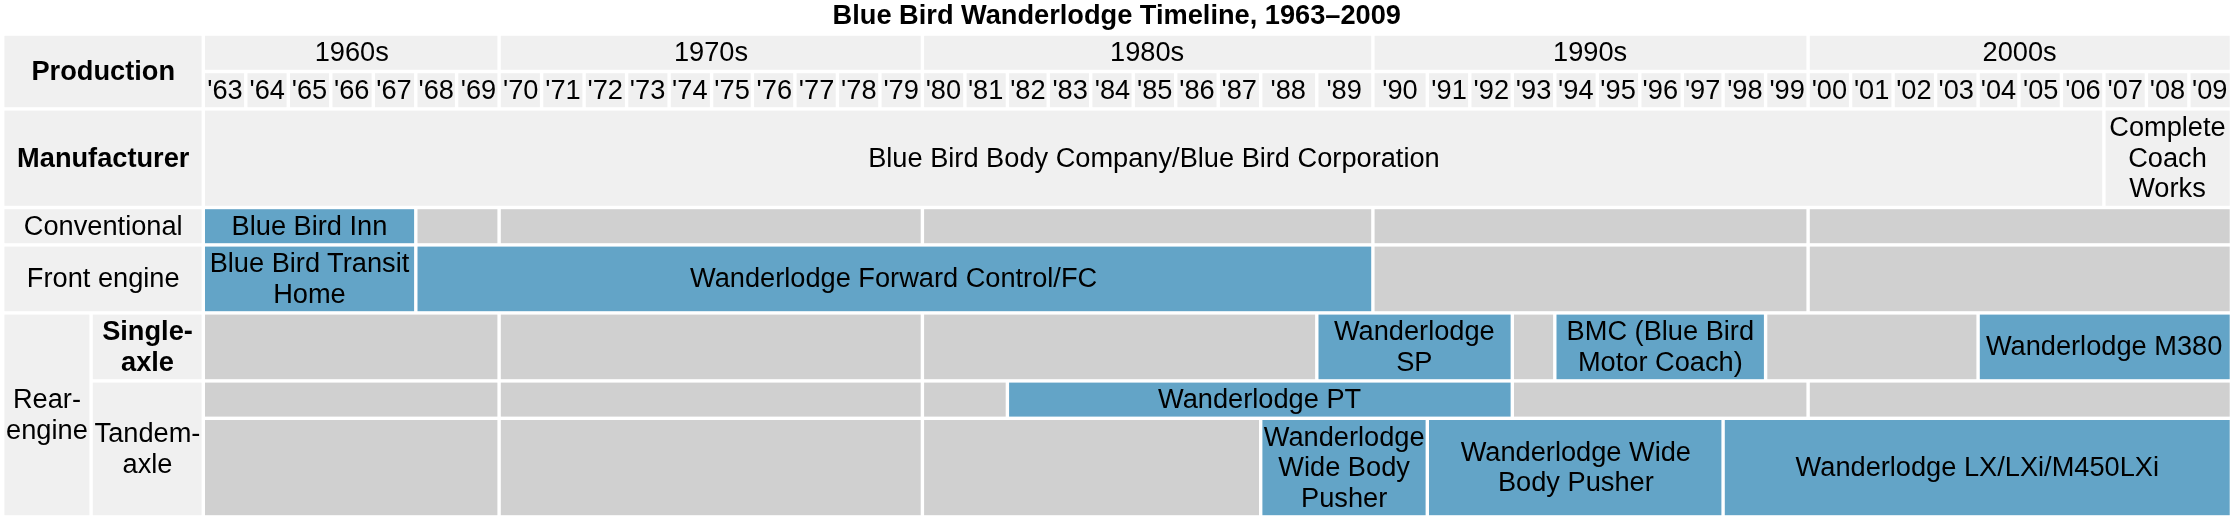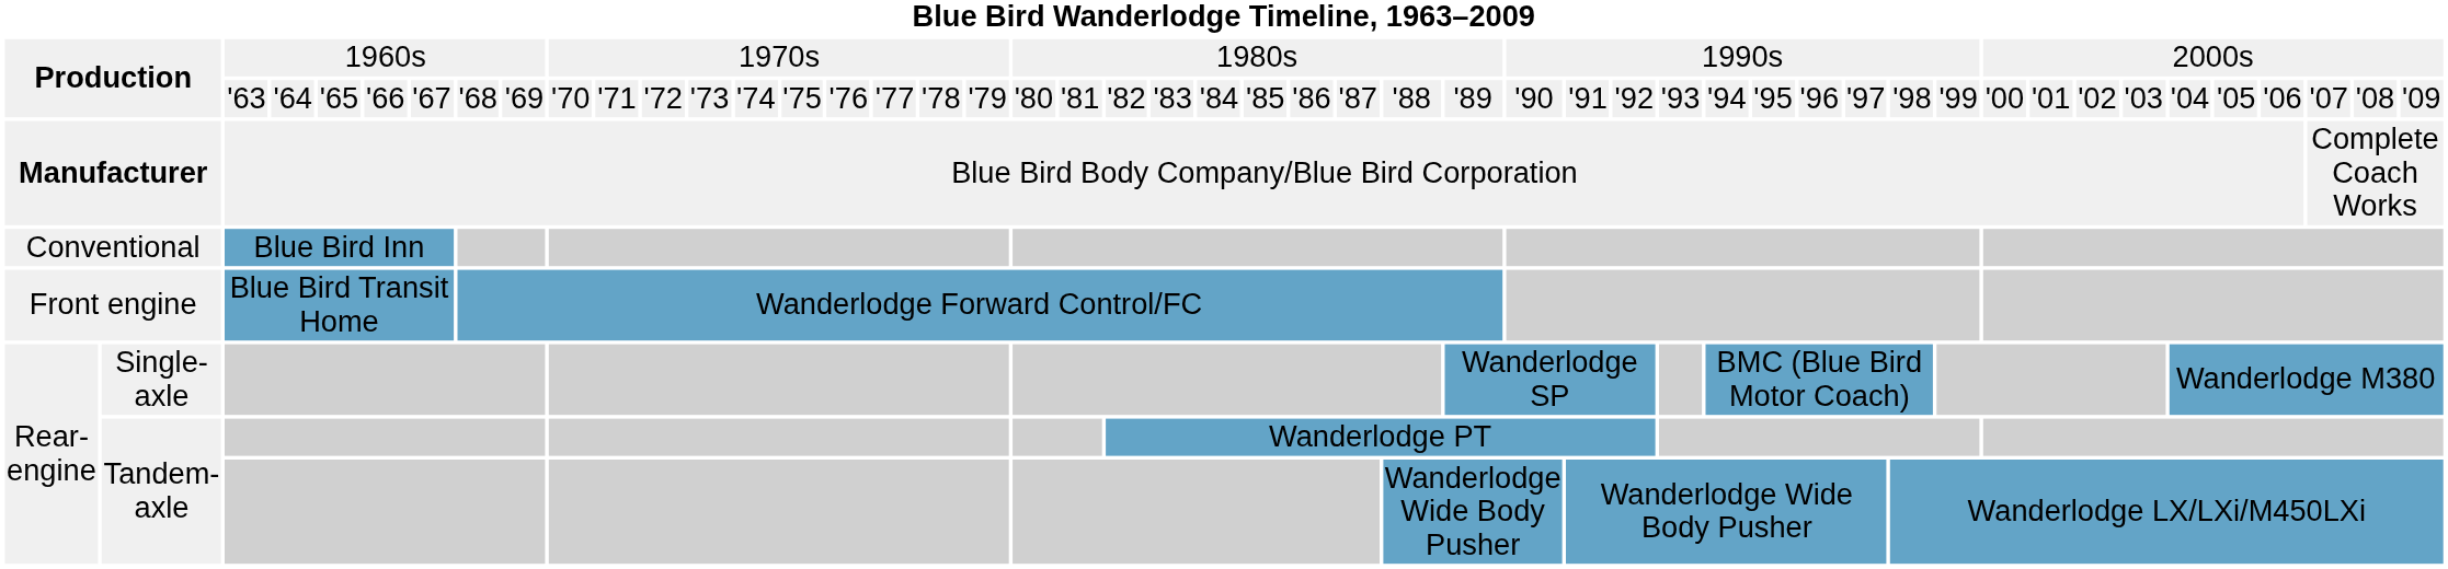 <table class="toccolours" style="margin:auto;">
 <tr>
 <td colspan="84" style="text-align:center;"><strong>Blue Bird Wanderlodge Timeline, 1963–2009</strong></td>
 </tr>
 <tr style="text-align:center; background:##f0f0f0; background:#f0f0f0;">
 <th colspan="2" rowspan="2">Production</th>
 <td colspan="7">1960s</td>
 <td colspan="10" style="width:10%; ">1970s</td>
 <td colspan="10" style="width:25%; ">1980s</td>
 <td colspan="10" style="width:25%; ">1990s</td>
 <td colspan="10" style="width:20%; ">2000s</td>
 </tr>
 <tr style="background:#f0f0f0; text-align:center;">
 <td>'63</td>
 <td>'64</td>
 <td>'65</td>
 <td>'66</td>
 <td>'67</td>
 <td>'68</td>
 <td>'69</td>
 <td>'70</td>
 <td>'71</td>
 <td>'72</td>
 <td>'73</td>
 <td>'74</td>
 <td>'75</td>
 <td>'76</td>
 <td>'77</td>
 <td>'78</td>
 <td>'79</td>
 <td>'80</td>
 <td>'81</td>
 <td>'82</td>
 <td>'83</td>
 <td>'84</td>
 <td>'85</td>
 <td>'86</td>
 <td>'87</td>
 <td>'88</td>
 <td>'89</td>
 <td>'90</td>
 <td>'91</td>
 <td>'92</td>
 <td>'93</td>
 <td>'94</td>
 <td>'95</td>
 <td>'96</td>
 <td>'97</td>
 <td>'98</td>
 <td>'99</td>
 <td>'00</td>
 <td>'01</td>
 <td>'02</td>
 <td>'03</td>
 <td>'04</td>
 <td>'05</td>
 <td>'06</td>
 <td>'07</td>
 <td>'08</td>
 <td>'09</td>
 </tr>
 <tr>
 <th colspan="2" style="background:#f0f0f0;">Manufacturer</th>
 <td colspan="44" style="background:#f0f0f0;" align="center">Blue Bird Body Company/Blue Bird Corporation</td>
 <td colspan="3" style="background:#f0f0f0;" align="center">Complete Coach Works</td>
 </tr>
 <tr align="center">
 <td colspan="2" style="background:#f0f0f0;">Conventional</td>
 <td colspan="5" style="background:#63A4C7">Blue Bird Inn</td>
 <td colspan="2" style="background:#d0d0d0;"></td>
 <td colspan="10" style="background:#d0d0d0;"></td>
 <td colspan="10" style="background:#d0d0d0;"></td>
 <td colspan="10" style="background:#d0d0d0;"></td>
 <td colspan="10" style="background:#d0d0d0;"></td>
 </tr>
 <tr align="center">
 <td colspan="2" style="background:#f0f0f0;">Front engine</td>
 <td colspan="5" style="background:#63A4C7">Blue Bird Transit Home</td>
 <td colspan="22" style="background:#63A4C7">Wanderlodge Forward Control/FC</td>
 <td colspan="10" style="background:#d0d0d0;"></td>
 <td colspan="10" style="background:#d0d0d0;"></td>
 </tr>
 <tr align="center">
 <td rowspan="3" style="background:#f0f0f0;">Rear-engine</td>
-<td style="background:#f0f0f0;"><strong>Single-axle</strong></td>
+<td style="background:#f0f0f0;">Single-axle</td>
 <td colspan="7" style="background:#d0d0d0;"></td>
 <td colspan="10" style="background:#d0d0d0;"></td>
 <td colspan="9" style="background:#d0d0d0;"></td>
 <td colspan="4" style="background:#63A4C7">Wanderlodge SP</td>
 <td colspan="1" style="background:#d0d0d0;"></td>
 <td colspan="5" style="background:#63A4C7">BMC (Blue Bird Motor Coach)</td>
 <td colspan="5" style="background:#d0d0d0;"></td>
 <td colspan="6" style="background:#63A4C7">Wanderlodge M380</td>
 </tr>
 <tr align="center">
 <td rowspan="2" style="background:#f0f0f0;">Tandem-axle</td>
 <td colspan="7" style="background:#d0d0d0;"></td>
 <td colspan="10" style="background:#d0d0d0;"></td>
 <td colspan="2" style="background:#d0d0d0;"></td>
 <td colspan="11" style="background:#63A4C7">Wanderlodge PT</td>
 <td colspan="7" style="background:#d0d0d0;"></td>
 <td colspan="10" style="background:#d0d0d0;"></td>
 </tr>
 <tr align="center">
 <td colspan="7" style="background:#d0d0d0;"></td>
 <td colspan="10" style="background:#d0d0d0;"></td>
 <td colspan="8" style="background:#d0d0d0;"></td>
 <td colspan="3" style="background:#63A4C7">Wanderlodge Wide Body Pusher</td>
 <td colspan="7" style="background:#63A4C7">Wanderlodge Wide Body Pusher</td>
 <td colspan="12" style="background:#63A4C7">Wanderlodge LX/LXi/M450LXi</td>
 </tr>
 </table>
